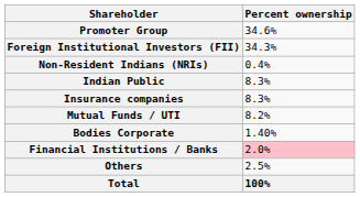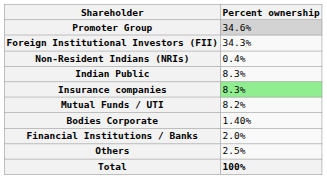 <table class="wikitable plainrowheaders">
 <tr>
 <th scope="col">Shareholder</th>
 <th scope="col">Percent ownership</th>
 </tr>
 <tr>
 <th scope="row">Promoter Group</th>
-<td>34.6%</td>
+<td style="background: lightgrey;">34.6%</td>
 </tr>
 <tr>
 <th scope="row">Foreign Institutional Investors (FII)</th>
 <td>34.3%</td>
 </tr>
 <tr>
 <th scope="row">Non-Resident Indians (NRIs)</th>
 <td>0.4%</td>
 </tr>
 <tr>
 <th scope="row">Indian Public</th>
 <td>8.3%</td>
 </tr>
 <tr>
 <th scope="row">Insurance companies</th>
-<td>8.3%</td>
+<td style="background: lightgreen;">8.3%</td>
 </tr>
 <tr>
 <th scope="row">Mutual Funds / UTI</th>
 <td>8.2%</td>
 </tr>
 <tr>
 <th scope="row">Bodies Corporate</th>
 <td>1.40%</td>
 </tr>
 <tr>
 <th scope="row">Financial Institutions / Banks</th>
-<td style="background: pink;">2.0%</td>
+<td>2.0%</td>
 </tr>
 <tr>
 <th scope="row">Others</th>
 <td>2.5%</td>
 </tr>
 <tr>
 <th scope="row" style="font-weight: bold">Total</th>
 <th style="text-align: left">100%</th>
 </tr>
 </table>
